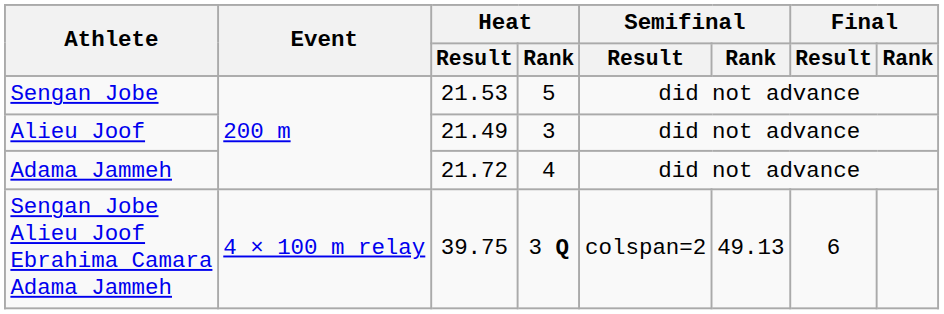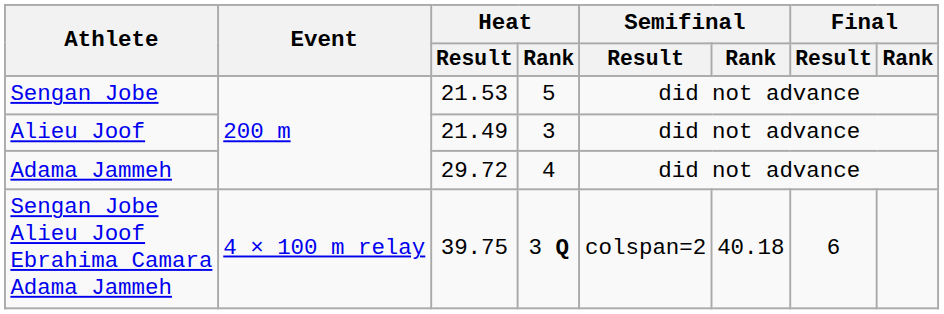 <table class="wikitable" style="font-size:90%; text-align:center">
 <tr>
 <th rowspan=2>Athlete</th>
 <th rowspan=2>Event</th>
 <th colspan=2>Heat</th>
 <th colspan=2>Semifinal</th>
 <th colspan=2>Final</th>
 </tr>
 <tr style="font-size:95%">
 <th>Result</th>
 <th>Rank</th>
 <th>Result</th>
 <th>Rank</th>
 <th>Result</th>
 <th>Rank</th>
 </tr>
 <tr>
 <td align=left><a href='#'>Sengan Jobe</a></td>
 <td align=left rowspan=3><a href='#'>200 m</a></td>
 <td>21.53</td>
 <td>5</td>
 <td colspan=4>did not advance</td>
 </tr>
 <tr>
 <td align=left><a href='#'>Alieu Joof</a></td>
 <td>21.49</td>
 <td>3</td>
 <td colspan=4>did not advance</td>
 </tr>
 <tr>
 <td align=left><a href='#'>Adama Jammeh</a></td>
-<td>21.72</td>
+<td>29.72</td>
 <td>4</td>
 <td colspan=4>did not advance</td>
 </tr>
 <tr>
 <td align=left><a href='#'>Sengan Jobe</a><br><a href='#'>Alieu Joof</a><br><a href='#'>Ebrahima Camara</a><br><a href='#'>Adama Jammeh</a></td>
 <td align=left><a href='#'>4 × 100 m relay</a></td>
 <td>39.75</td>
 <td>3 <strong>Q</strong></td>
 <td>colspan=2 </td>
-<td>49.13</td>
+<td>40.18</td>
 <td>6</td>
 </tr>
 </table>
